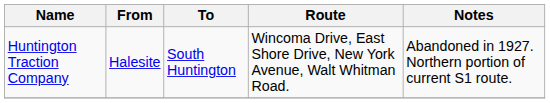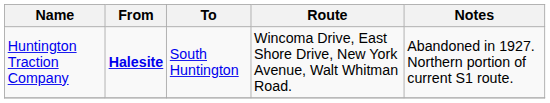 <table class=wikitable>
 <tr>
 <th>Name</th>
 <th>From</th>
 <th>To</th>
 <th>Route</th>
 <th>Notes</th>
 </tr>
 <tr>
 <td><a href='#'>Huntington Traction Company</a></td>
-<td><a href='#'>Halesite</a></td>
+<td><strong><a href='#'>Halesite</a></strong></td>
 <td><a href='#'>South Huntington</a></td>
 <td>Wincoma Drive, East Shore Drive, New York Avenue, Walt Whitman Road.</td>
 <td>Abandoned in 1927. Northern portion of current S1 route.</td>
 </tr>
 <tr>
 </tr>
 </table>
